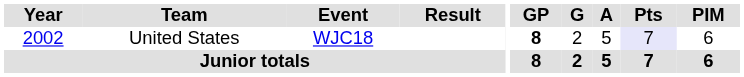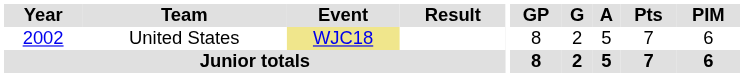 <table border="0" cellpadding="1" cellspacing="0" ID="Table3" style="text-align:center; width:40em">
 <tr ALIGN="center" bgcolor="#e0e0e0">
 <th>Year</th>
 <th>Team</th>
 <th>Event</th>
 <th>Result</th>
 <th rowspan="99" bgcolor="#ffffff"></th>
 <th>GP</th>
 <th>G</th>
 <th>A</th>
 <th>Pts</th>
 <th>PIM</th>
 </tr>
 <tr>
 <td><a href='#'>2002</a></td>
 <td>United States</td>
-<td><a href='#'>WJC18</a></td>
+<td style="background: khaki;"><a href='#'>WJC18</a></td>
 <td></td>
-<td><strong>8</strong></td>
+<td>8</td>
 <td>2</td>
 <td>5</td>
-<td style="background: lavender;">7</td>
+<td>7</td>
 <td>6</td>
 </tr>
 <tr ALIGN="center" bgcolor="#e0e0e0">
 <th colspan=4>Junior totals</th>
 <th>8</th>
 <th>2</th>
 <th>5</th>
 <th>7</th>
 <th>6</th>
 </tr>
 <tr>
 </tr>
 </table>
